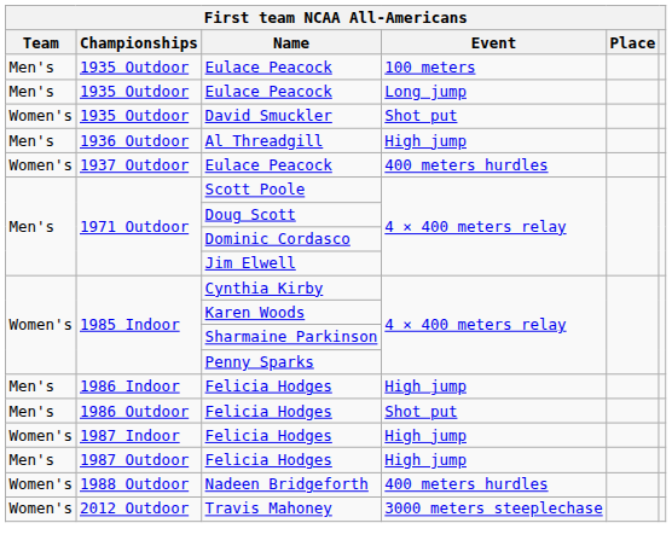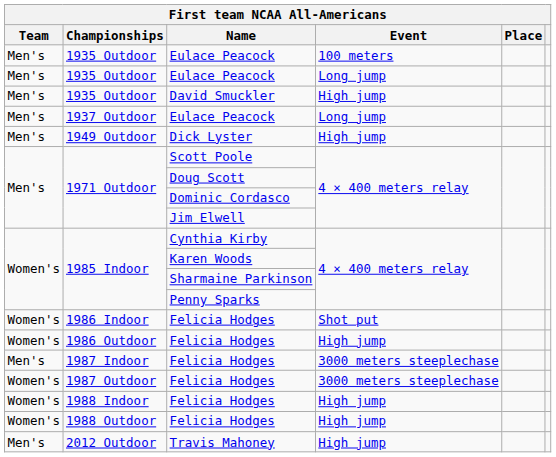 <table class="wikitable sortable">
 <tr>
 <th colspan="6">First team NCAA All-Americans</th>
 </tr>
 <tr>
 <th scope="col">Team</th>
 <th scope="col">Championships</th>
 <th scope="col">Name</th>
 <th scope="col">Event</th>
 <th scope="col">Place</th>
 <th scope="col"></th>
 </tr>
 <tr>
 <td>Men's</td>
 <td><a href='#'>1935 Outdoor</a></td>
 <td><a href='#'>Eulace Peacock</a></td>
 <td><a href='#'>100 meters</a></td>
 <td></td>
 <td></td>
 </tr>
 <tr>
 <td>Men's</td>
 <td><a href='#'>1935 Outdoor</a></td>
 <td><a href='#'>Eulace Peacock</a></td>
 <td><a href='#'>Long jump</a></td>
 <td></td>
 <td></td>
 </tr>
 <tr>
-<td>Women's</td>
+<td>Men's</td>
 <td><a href='#'>1935 Outdoor</a></td>
 <td><a href='#'>David Smuckler</a></td>
-<td><a href='#'>Shot put</a></td>
+<td><a href='#'>High jump</a></td>
 <td></td>
 <td></td>
 </tr>
 <tr>
 <td>Men's</td>
-<td><a href='#'>1936 Outdoor</a></td>
-<td><a href='#'>Al Threadgill</a></td>
-<td><a href='#'>High jump</a></td>
+<td><a href='#'>1937 Outdoor</a></td>
+<td><a href='#'>Eulace Peacock</a></td>
+<td><a href='#'>Long jump</a></td>
 <td></td>
 <td></td>
 </tr>
 <tr>
-<td>Women's</td>
-<td><a href='#'>1937 Outdoor</a></td>
-<td><a href='#'>Eulace Peacock</a></td>
-<td><a href='#'>400 meters hurdles</a></td>
+<td>Men's</td>
+<td><a href='#'>1949 Outdoor</a></td>
+<td><a href='#'>Dick Lyster</a></td>
+<td><a href='#'>High jump</a></td>
 <td></td>
 <td></td>
 </tr>
 <tr>
 <td rowspan=4>Men's</td>
 <td rowspan=4><a href='#'>1971 Outdoor</a></td>
 <td><a href='#'>Scott Poole</a></td>
 <td rowspan=4><a href='#'>4 × 400 meters relay</a></td>
 <td rowspan=4></td>
 <td rowspan=4></td>
 </tr>
 <tr>
 <td><a href='#'>Doug Scott</a></td>
 </tr>
 <tr>
 <td><a href='#'>Dominic Cordasco</a></td>
 </tr>
 <tr>
 <td><a href='#'>Jim Elwell</a></td>
 </tr>
 <tr>
 <td rowspan=4>Women's</td>
 <td rowspan=4><a href='#'>1985 Indoor</a></td>
 <td><a href='#'>Cynthia Kirby</a></td>
 <td rowspan=4><a href='#'>4 × 400 meters relay</a></td>
 <td rowspan=4></td>
 <td rowspan=4></td>
 </tr>
 <tr>
 <td><a href='#'>Karen Woods</a></td>
 </tr>
 <tr>
 <td><a href='#'>Sharmaine Parkinson</a></td>
 </tr>
 <tr>
 <td><a href='#'>Penny Sparks</a></td>
 </tr>
 <tr>
-<td>Men's</td>
+<td>Women's</td>
 <td><a href='#'>1986 Indoor</a></td>
+<td><a href='#'>Felicia Hodges</a></td>
+<td><a href='#'>Shot put</a></td>
+<td></td>
+<td></td>
+</tr>
+<tr>
+<td>Women's</td>
+<td><a href='#'>1986 Outdoor</a></td>
 <td><a href='#'>Felicia Hodges</a></td>
 <td><a href='#'>High jump</a></td>
 <td></td>
 <td></td>
 </tr>
 <tr>
 <td>Men's</td>
-<td><a href='#'>1986 Outdoor</a></td>
+<td><a href='#'>1987 Indoor</a></td>
 <td><a href='#'>Felicia Hodges</a></td>
-<td><a href='#'>Shot put</a></td>
+<td><a href='#'>3000 meters steeplechase</a></td>
 <td></td>
 <td></td>
 </tr>
 <tr>
 <td>Women's</td>
-<td><a href='#'>1987 Indoor</a></td>
+<td><a href='#'>1987 Outdoor</a></td>
 <td><a href='#'>Felicia Hodges</a></td>
-<td><a href='#'>High jump</a></td>
+<td><a href='#'>3000 meters steeplechase</a></td>
 <td></td>
 <td></td>
 </tr>
 <tr>
-<td>Men's</td>
-<td><a href='#'>1987 Outdoor</a></td>
+<td>Women's</td>
+<td><a href='#'>1988 Indoor</a></td>
 <td><a href='#'>Felicia Hodges</a></td>
 <td><a href='#'>High jump</a></td>
 <td></td>
 <td></td>
 </tr>
 <tr>
 <td>Women's</td>
 <td><a href='#'>1988 Outdoor</a></td>
-<td><a href='#'>Nadeen Bridgeforth</a></td>
-<td><a href='#'>400 meters hurdles</a></td>
+<td><a href='#'>Felicia Hodges</a></td>
+<td><a href='#'>High jump</a></td>
 <td></td>
 <td></td>
 </tr>
 <tr>
-<td>Women's</td>
+<td>Men's</td>
 <td><a href='#'>2012 Outdoor</a></td>
 <td><a href='#'>Travis Mahoney</a></td>
-<td><a href='#'>3000 meters steeplechase</a></td>
+<td><a href='#'>High jump</a></td>
 <td></td>
 <td></td>
 </tr>
 </table>
